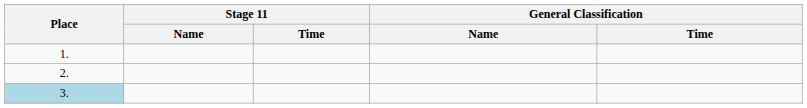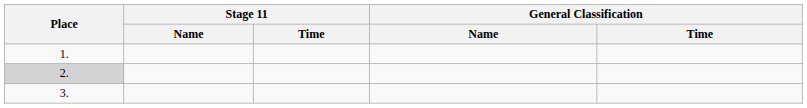 <table class=wikitable style="font-size:95%" width="80%">
 <tr>
 <th rowspan="2">Place</th>
 <th colspan="2">Stage 11</th>
 <th colspan="2">General Classification</th>
 </tr>
 <tr>
 <th>Name</th>
 <th>Time</th>
 <th>Name</th>
 <th>Time</th>
 </tr>
 <tr>
 <td align="center">1.</td>
 <td></td>
 <td></td>
 <td></td>
 <td></td>
 </tr>
 <tr>
-<td align="center">2.</td>
+<td align="center" style="background: lightgrey;">2.</td>
 <td></td>
 <td></td>
 <td></td>
 <td></td>
 </tr>
 <tr>
-<td align="center" style="background: lightblue;">3.</td>
+<td align="center">3.</td>
 <td></td>
 <td></td>
 <td></td>
 <td></td>
 </tr>
 </table>
